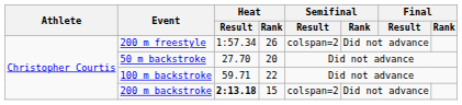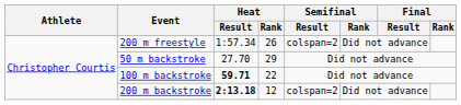 <table class=wikitable style=font-size:90%>
 <tr>
 <th rowspan=2>Athlete</th>
 <th rowspan=2>Event</th>
 <th colspan=2>Heat</th>
 <th colspan=2>Semifinal</th>
 <th colspan=2>Final</th>
 </tr>
 <tr style="font-size:95%">
 <th>Result</th>
 <th>Rank</th>
 <th>Result</th>
 <th>Rank</th>
 <th>Result</th>
 <th>Rank</th>
 </tr>
 <tr align=center>
 <td align=left rowspan=4><a href='#'>Christopher Courtis</a></td>
 <td align=left><a href='#'>200 m freestyle</a></td>
 <td>1:57.34</td>
 <td>26</td>
 <td>colspan=2 </td>
 <td colspan=2>Did not advance</td>
 </tr>
 <tr align=center>
 <td align=left><a href='#'>50 m backstroke</a></td>
 <td>27.70</td>
-<td>20</td>
+<td>29</td>
 <td colspan=4>Did not advance</td>
 </tr>
 <tr align=center>
 <td align=left><a href='#'>100 m backstroke</a></td>
-<td>59.71</td>
+<td><strong>59.71</strong></td>
 <td>22</td>
 <td colspan=4>Did not advance</td>
 </tr>
 <tr align=center>
 <td align=left><a href='#'>200 m backstroke</a></td>
 <td><strong>2:13.18</strong></td>
-<td>15</td>
+<td>12</td>
 <td>colspan=2 </td>
 <td colspan=2>Did not advance</td>
 </tr>
 </table>
